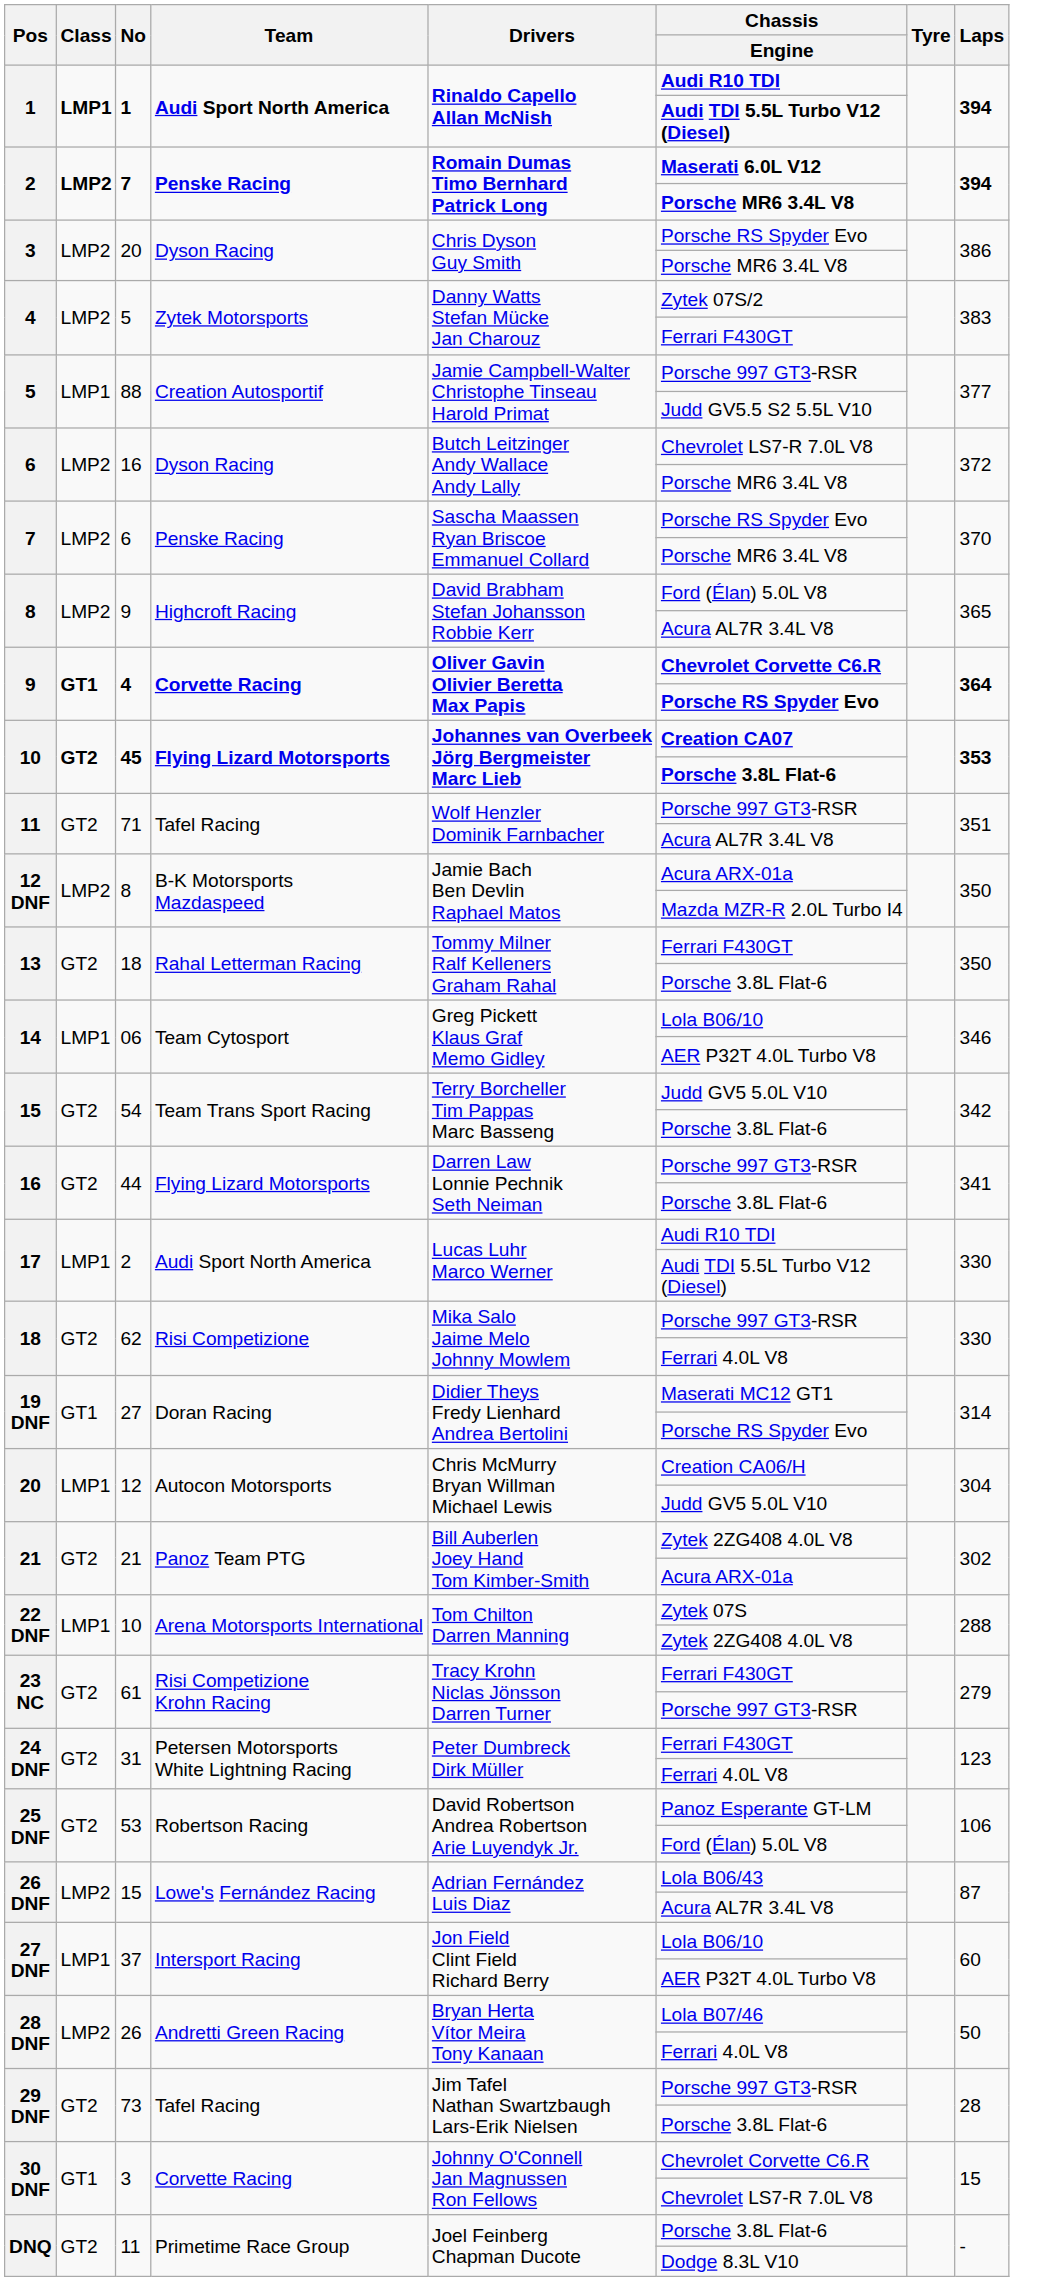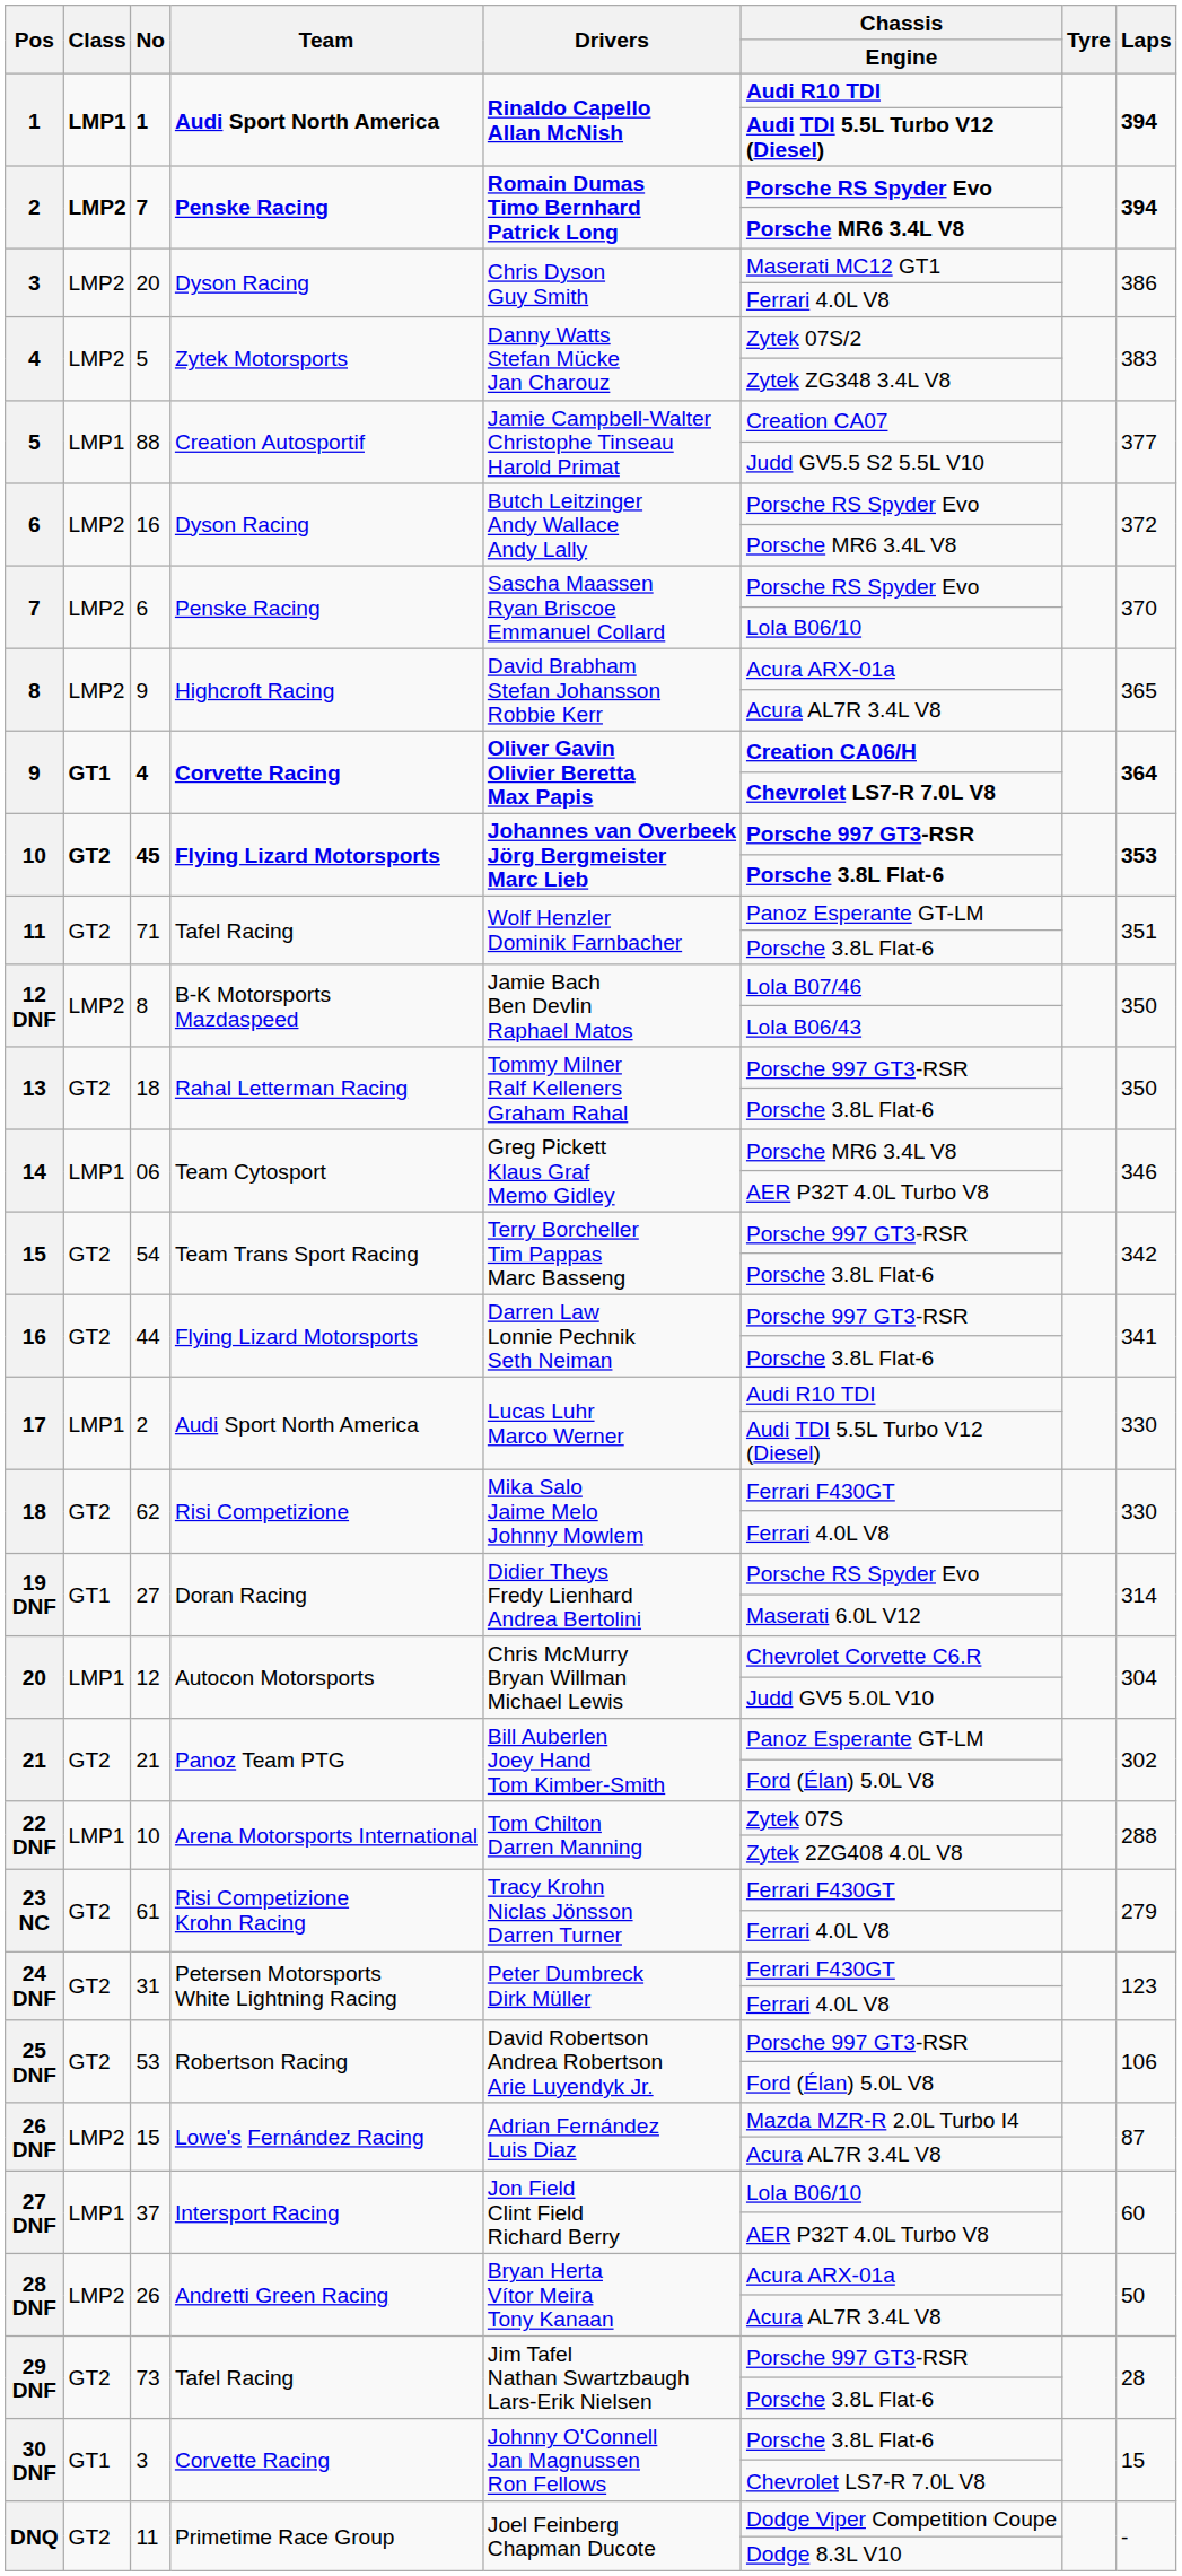 <table class="wikitable" style="font-size: 95%;">
 <tr>
 <th rowspan=2>Pos</th>
 <th rowspan=2>Class</th>
 <th rowspan=2>No</th>
 <th rowspan=2>Team</th>
 <th rowspan=2>Drivers</th>
 <th>Chassis</th>
 <th rowspan=2>Tyre</th>
 <th rowspan=2>Laps</th>
 </tr>
 <tr>
 <th>Engine</th>
 </tr>
 <tr style="font-weight:bold">
 <th rowspan=2>1</th>
 <td rowspan=2>LMP1</td>
 <td rowspan=2>1</td>
 <td rowspan=2> <a href='#'>Audi</a> Sport North America</td>
 <td rowspan=2> <a href='#'>Rinaldo Capello</a><br> <a href='#'>Allan McNish</a></td>
 <td><a href='#'>Audi R10 TDI</a></td>
 <td rowspan=2></td>
 <td rowspan=2>394</td>
 </tr>
 <tr style="font-weight:bold">
 <td><a href='#'>Audi</a> <a href='#'>TDI</a> 5.5L Turbo V12<br>(<a href='#'>Diesel</a>)</td>
 </tr>
 <tr style="font-weight:bold">
 <th rowspan=2>2</th>
 <td rowspan=2>LMP2</td>
 <td rowspan=2>7</td>
 <td rowspan=2> <a href='#'>Penske Racing</a></td>
 <td rowspan=2> <a href='#'>Romain Dumas</a><br> <a href='#'>Timo Bernhard</a><br> <a href='#'>Patrick Long</a></td>
-<td><a href='#'>Maserati</a> 6.0L V12</td>
+<td><a href='#'>Porsche RS Spyder</a> Evo</td>
 <td rowspan=2></td>
 <td rowspan=2>394</td>
 </tr>
 <tr style="font-weight:bold">
 <td><a href='#'>Porsche</a> MR6 3.4L V8</td>
 </tr>
 <tr>
 <th rowspan=2>3</th>
 <td rowspan=2>LMP2</td>
 <td rowspan=2>20</td>
 <td rowspan=2> <a href='#'>Dyson Racing</a></td>
 <td rowspan=2> <a href='#'>Chris Dyson</a><br> <a href='#'>Guy Smith</a></td>
-<td><a href='#'>Porsche RS Spyder</a> Evo</td>
+<td><a href='#'>Maserati MC12</a> GT1</td>
 <td rowspan=2></td>
 <td rowspan=2>386</td>
 </tr>
 <tr>
-<td><a href='#'>Porsche</a> MR6 3.4L V8</td>
+<td><a href='#'>Ferrari</a> 4.0L V8</td>
 </tr>
 <tr>
 <th rowspan=2>4</th>
 <td rowspan=2>LMP2</td>
 <td rowspan=2>5</td>
 <td rowspan=2> <a href='#'>Zytek Motorsports</a></td>
 <td rowspan=2> <a href='#'>Danny Watts</a><br> <a href='#'>Stefan Mücke</a><br> <a href='#'>Jan Charouz</a></td>
 <td><a href='#'>Zytek</a> 07S/2</td>
 <td rowspan=2></td>
 <td rowspan=2>383</td>
 </tr>
 <tr>
-<td><a href='#'>Ferrari F430GT</a></td>
+<td><a href='#'>Zytek</a> ZG348 3.4L V8</td>
 </tr>
 <tr>
 <th rowspan=2>5</th>
 <td rowspan=2>LMP1</td>
 <td rowspan=2>88</td>
 <td rowspan=2> <a href='#'>Creation Autosportif</a></td>
 <td rowspan=2> <a href='#'>Jamie Campbell-Walter</a><br> <a href='#'>Christophe Tinseau</a><br> <a href='#'>Harold Primat</a></td>
-<td><a href='#'>Porsche 997 GT3</a>-RSR</td>
+<td><a href='#'>Creation CA07</a></td>
 <td rowspan=2></td>
 <td rowspan=2>377</td>
 </tr>
 <tr>
 <td><a href='#'>Judd</a> GV5.5 S2 5.5L V10</td>
 </tr>
 <tr>
 <th rowspan=2>6</th>
 <td rowspan=2>LMP2</td>
 <td rowspan=2>16</td>
 <td rowspan=2> <a href='#'>Dyson Racing</a></td>
 <td rowspan=2> <a href='#'>Butch Leitzinger</a><br> <a href='#'>Andy Wallace</a><br> <a href='#'>Andy Lally</a></td>
-<td><a href='#'>Chevrolet</a> LS7-R 7.0L V8</td>
+<td><a href='#'>Porsche RS Spyder</a> Evo</td>
 <td rowspan=2></td>
 <td rowspan=2>372</td>
 </tr>
 <tr>
 <td><a href='#'>Porsche</a> MR6 3.4L V8</td>
 </tr>
 <tr>
 <th rowspan=2>7</th>
 <td rowspan=2>LMP2</td>
 <td rowspan=2>6</td>
 <td rowspan=2> <a href='#'>Penske Racing</a></td>
 <td rowspan=2> <a href='#'>Sascha Maassen</a><br> <a href='#'>Ryan Briscoe</a><br> <a href='#'>Emmanuel Collard</a></td>
 <td><a href='#'>Porsche RS Spyder</a> Evo</td>
 <td rowspan=2></td>
 <td rowspan=2>370</td>
 </tr>
 <tr>
-<td><a href='#'>Porsche</a> MR6 3.4L V8</td>
+<td><a href='#'>Lola B06/10</a></td>
 </tr>
 <tr>
 <th rowspan=2>8</th>
 <td rowspan=2>LMP2</td>
 <td rowspan=2>9</td>
 <td rowspan=2> <a href='#'>Highcroft Racing</a></td>
 <td rowspan=2> <a href='#'>David Brabham</a><br> <a href='#'>Stefan Johansson</a><br> <a href='#'>Robbie Kerr</a></td>
-<td><a href='#'>Ford</a> (<a href='#'>Élan</a>) 5.0L V8</td>
+<td><a href='#'>Acura ARX-01a</a></td>
 <td rowspan=2></td>
 <td rowspan=2>365</td>
 </tr>
 <tr>
 <td><a href='#'>Acura</a> AL7R 3.4L V8</td>
 </tr>
 <tr style="font-weight:bold">
 <th rowspan=2>9</th>
 <td rowspan=2>GT1</td>
 <td rowspan=2>4</td>
 <td rowspan=2> <a href='#'>Corvette Racing</a></td>
 <td rowspan=2> <a href='#'>Oliver Gavin</a><br> <a href='#'>Olivier Beretta</a><br> <a href='#'>Max Papis</a></td>
-<td><a href='#'>Chevrolet Corvette C6.R</a></td>
+<td><a href='#'>Creation CA06/H</a></td>
 <td rowspan=2></td>
 <td rowspan=2>364</td>
 </tr>
 <tr style="font-weight:bold">
-<td><a href='#'>Porsche RS Spyder</a> Evo</td>
+<td><a href='#'>Chevrolet</a> LS7-R 7.0L V8</td>
 </tr>
 <tr style="font-weight:bold">
 <th rowspan=2>10</th>
 <td rowspan=2>GT2</td>
 <td rowspan=2>45</td>
 <td rowspan=2> <a href='#'>Flying Lizard Motorsports</a></td>
 <td rowspan=2> <a href='#'>Johannes van Overbeek</a><br> <a href='#'>Jörg Bergmeister</a><br> <a href='#'>Marc Lieb</a></td>
-<td><a href='#'>Creation CA07</a></td>
+<td><a href='#'>Porsche 997 GT3</a>-RSR</td>
 <td rowspan=2></td>
 <td rowspan=2>353</td>
 </tr>
 <tr style="font-weight:bold">
 <td><a href='#'>Porsche</a> 3.8L Flat-6</td>
 </tr>
 <tr>
 <th rowspan=2>11</th>
 <td rowspan=2>GT2</td>
 <td rowspan=2>71</td>
 <td rowspan=2> Tafel Racing</td>
 <td rowspan=2> <a href='#'>Wolf Henzler</a><br> <a href='#'>Dominik Farnbacher</a></td>
-<td><a href='#'>Porsche 997 GT3</a>-RSR</td>
+<td><a href='#'>Panoz Esperante</a> GT-LM</td>
 <td rowspan=2></td>
 <td rowspan=2>351</td>
 </tr>
 <tr>
-<td><a href='#'>Acura</a> AL7R 3.4L V8</td>
+<td><a href='#'>Porsche</a> 3.8L Flat-6</td>
 </tr>
 <tr>
 <th rowspan=2>12<br>DNF</th>
 <td rowspan=2>LMP2</td>
 <td rowspan=2>8</td>
 <td rowspan=2> B-K Motorsports<br> <a href='#'>Mazdaspeed</a></td>
 <td rowspan=2> Jamie Bach<br> Ben Devlin<br> <a href='#'>Raphael Matos</a></td>
-<td><a href='#'>Acura ARX-01a</a></td>
+<td><a href='#'>Lola B07/46</a></td>
 <td rowspan=2></td>
 <td rowspan=2>350</td>
 </tr>
 <tr>
-<td><a href='#'>Mazda MZR-R</a> 2.0L Turbo I4</td>
+<td><a href='#'>Lola B06/43</a></td>
 </tr>
 <tr>
 <th rowspan=2>13</th>
 <td rowspan=2>GT2</td>
 <td rowspan=2>18</td>
 <td rowspan=2> <a href='#'>Rahal Letterman Racing</a></td>
 <td rowspan=2> <a href='#'>Tommy Milner</a><br> <a href='#'>Ralf Kelleners</a><br> <a href='#'>Graham Rahal</a></td>
-<td><a href='#'>Ferrari F430GT</a></td>
+<td><a href='#'>Porsche 997 GT3</a>-RSR</td>
 <td rowspan=2></td>
 <td rowspan=2>350</td>
 </tr>
 <tr>
 <td><a href='#'>Porsche</a> 3.8L Flat-6</td>
 </tr>
 <tr>
 <th rowspan=2>14</th>
 <td rowspan=2>LMP1</td>
 <td rowspan=2>06</td>
 <td rowspan=2> Team Cytosport</td>
 <td rowspan=2> Greg Pickett<br> <a href='#'>Klaus Graf</a><br> <a href='#'>Memo Gidley</a></td>
-<td><a href='#'>Lola B06/10</a></td>
+<td><a href='#'>Porsche</a> MR6 3.4L V8</td>
 <td rowspan=2></td>
 <td rowspan=2>346</td>
 </tr>
 <tr>
 <td><a href='#'>AER</a> P32T 4.0L Turbo V8</td>
 </tr>
 <tr>
 <th rowspan=2>15</th>
 <td rowspan=2>GT2</td>
 <td rowspan=2>54</td>
 <td rowspan=2> Team Trans Sport Racing</td>
 <td rowspan=2> <a href='#'>Terry Borcheller</a><br> <a href='#'>Tim Pappas</a><br> Marc Basseng</td>
-<td><a href='#'>Judd</a> GV5 5.0L V10</td>
+<td><a href='#'>Porsche 997 GT3</a>-RSR</td>
 <td rowspan=2></td>
 <td rowspan=2>342</td>
 </tr>
 <tr>
 <td><a href='#'>Porsche</a> 3.8L Flat-6</td>
 </tr>
 <tr>
 <th rowspan=2>16</th>
 <td rowspan=2>GT2</td>
 <td rowspan=2>44</td>
 <td rowspan=2> <a href='#'>Flying Lizard Motorsports</a></td>
 <td rowspan=2> <a href='#'>Darren Law</a><br> Lonnie Pechnik<br> <a href='#'>Seth Neiman</a></td>
 <td><a href='#'>Porsche 997 GT3</a>-RSR</td>
 <td rowspan=2></td>
 <td rowspan=2>341</td>
 </tr>
 <tr>
 <td><a href='#'>Porsche</a> 3.8L Flat-6</td>
 </tr>
 <tr>
 <th rowspan=2>17</th>
 <td rowspan=2>LMP1</td>
 <td rowspan=2>2</td>
 <td rowspan=2> <a href='#'>Audi</a> Sport North America</td>
 <td rowspan=2> <a href='#'>Lucas Luhr</a><br> <a href='#'>Marco Werner</a></td>
 <td><a href='#'>Audi R10 TDI</a></td>
 <td rowspan=2></td>
 <td rowspan=2>330</td>
 </tr>
 <tr>
 <td><a href='#'>Audi</a> <a href='#'>TDI</a> 5.5L Turbo V12<br>(<a href='#'>Diesel</a>)</td>
 </tr>
 <tr>
 <th rowspan=2>18</th>
 <td rowspan=2>GT2</td>
 <td rowspan=2>62</td>
 <td rowspan=2> <a href='#'>Risi Competizione</a></td>
 <td rowspan=2> <a href='#'>Mika Salo</a><br> <a href='#'>Jaime Melo</a><br> <a href='#'>Johnny Mowlem</a></td>
-<td><a href='#'>Porsche 997 GT3</a>-RSR</td>
+<td><a href='#'>Ferrari F430GT</a></td>
 <td rowspan=2></td>
 <td rowspan=2>330</td>
 </tr>
 <tr>
 <td><a href='#'>Ferrari</a> 4.0L V8</td>
 </tr>
 <tr>
 <th rowspan=2>19<br>DNF</th>
 <td rowspan=2>GT1</td>
 <td rowspan=2>27</td>
 <td rowspan=2> Doran Racing</td>
 <td rowspan=2> <a href='#'>Didier Theys</a><br> Fredy Lienhard<br> <a href='#'>Andrea Bertolini</a></td>
-<td><a href='#'>Maserati MC12</a> GT1</td>
+<td><a href='#'>Porsche RS Spyder</a> Evo</td>
 <td rowspan=2></td>
 <td rowspan=2>314</td>
 </tr>
 <tr>
-<td><a href='#'>Porsche RS Spyder</a> Evo</td>
+<td><a href='#'>Maserati</a> 6.0L V12</td>
 </tr>
 <tr>
 <th rowspan=2>20</th>
 <td rowspan=2>LMP1</td>
 <td rowspan=2>12</td>
 <td rowspan=2> Autocon Motorsports</td>
 <td rowspan=2> Chris McMurry<br> Bryan Willman<br> Michael Lewis</td>
-<td><a href='#'>Creation CA06/H</a></td>
+<td><a href='#'>Chevrolet Corvette C6.R</a></td>
 <td rowspan=2></td>
 <td rowspan=2>304</td>
 </tr>
 <tr>
 <td><a href='#'>Judd</a> GV5 5.0L V10</td>
 </tr>
 <tr>
 <th rowspan=2>21</th>
 <td rowspan=2>GT2</td>
 <td rowspan=2>21</td>
 <td rowspan=2> <a href='#'>Panoz</a> Team PTG</td>
 <td rowspan=2> <a href='#'>Bill Auberlen</a><br> <a href='#'>Joey Hand</a><br> <a href='#'>Tom Kimber-Smith</a></td>
-<td><a href='#'>Zytek</a> 2ZG408 4.0L V8</td>
+<td><a href='#'>Panoz Esperante</a> GT-LM</td>
 <td rowspan=2></td>
 <td rowspan=2>302</td>
 </tr>
 <tr>
-<td><a href='#'>Acura ARX-01a</a></td>
+<td><a href='#'>Ford</a> (<a href='#'>Élan</a>) 5.0L V8</td>
 </tr>
 <tr>
 <th rowspan=2>22<br>DNF</th>
 <td rowspan=2>LMP1</td>
 <td rowspan=2>10</td>
 <td rowspan=2> <a href='#'>Arena Motorsports International</a></td>
 <td rowspan=2> <a href='#'>Tom Chilton</a><br> <a href='#'>Darren Manning</a></td>
 <td><a href='#'>Zytek</a> 07S</td>
 <td rowspan=2></td>
 <td rowspan=2>288</td>
 </tr>
 <tr>
 <td><a href='#'>Zytek</a> 2ZG408 4.0L V8</td>
 </tr>
 <tr>
 <th rowspan=2>23<br>NC</th>
 <td rowspan=2>GT2</td>
 <td rowspan=2>61</td>
 <td rowspan=2> <a href='#'>Risi Competizione</a><br> <a href='#'>Krohn Racing</a></td>
 <td rowspan=2> <a href='#'>Tracy Krohn</a><br> <a href='#'>Niclas Jönsson</a><br> <a href='#'>Darren Turner</a></td>
 <td><a href='#'>Ferrari F430GT</a></td>
 <td rowspan=2></td>
 <td rowspan=2>279</td>
 </tr>
 <tr>
-<td><a href='#'>Porsche 997 GT3</a>-RSR</td>
+<td><a href='#'>Ferrari</a> 4.0L V8</td>
 </tr>
 <tr>
 <th rowspan=2>24<br>DNF</th>
 <td rowspan=2>GT2</td>
 <td rowspan=2>31</td>
 <td rowspan=2> Petersen Motorsports<br> White Lightning Racing</td>
 <td rowspan=2> <a href='#'>Peter Dumbreck</a><br> <a href='#'>Dirk Müller</a></td>
 <td><a href='#'>Ferrari F430GT</a></td>
 <td rowspan=2></td>
 <td rowspan=2>123</td>
 </tr>
 <tr>
 <td><a href='#'>Ferrari</a> 4.0L V8</td>
 </tr>
 <tr>
 <th rowspan=2>25<br>DNF</th>
 <td rowspan=2>GT2</td>
 <td rowspan=2>53</td>
 <td rowspan=2> Robertson Racing</td>
 <td rowspan=2> David Robertson<br> Andrea Robertson<br> <a href='#'>Arie Luyendyk Jr.</a></td>
-<td><a href='#'>Panoz Esperante</a> GT-LM</td>
+<td><a href='#'>Porsche 997 GT3</a>-RSR</td>
 <td rowspan=2></td>
 <td rowspan=2>106</td>
 </tr>
 <tr>
 <td><a href='#'>Ford</a> (<a href='#'>Élan</a>) 5.0L V8</td>
 </tr>
 <tr>
 <th rowspan=2>26<br>DNF</th>
 <td rowspan=2>LMP2</td>
 <td rowspan=2>15</td>
 <td rowspan=2> <a href='#'>Lowe's</a> <a href='#'>Fernández Racing</a></td>
 <td rowspan=2> <a href='#'>Adrian Fernández</a><br> <a href='#'>Luis Diaz</a></td>
-<td><a href='#'>Lola B06/43</a></td>
+<td><a href='#'>Mazda MZR-R</a> 2.0L Turbo I4</td>
 <td rowspan=2></td>
 <td rowspan=2>87</td>
 </tr>
 <tr>
 <td><a href='#'>Acura</a> AL7R 3.4L V8</td>
 </tr>
 <tr>
 <th rowspan=2>27<br>DNF</th>
 <td rowspan=2>LMP1</td>
 <td rowspan=2>37</td>
 <td rowspan=2> <a href='#'>Intersport Racing</a></td>
 <td rowspan=2> <a href='#'>Jon Field</a><br> Clint Field<br> Richard Berry</td>
 <td><a href='#'>Lola B06/10</a></td>
 <td rowspan=2></td>
 <td rowspan=2>60</td>
 </tr>
 <tr>
 <td><a href='#'>AER</a> P32T 4.0L Turbo V8</td>
 </tr>
 <tr>
 <th rowspan=2>28<br>DNF</th>
 <td rowspan=2>LMP2</td>
 <td rowspan=2>26</td>
 <td rowspan=2> <a href='#'>Andretti Green Racing</a></td>
 <td rowspan=2> <a href='#'>Bryan Herta</a><br> <a href='#'>Vítor Meira</a><br> <a href='#'>Tony Kanaan</a></td>
-<td><a href='#'>Lola B07/46</a></td>
+<td><a href='#'>Acura ARX-01a</a></td>
 <td rowspan=2></td>
 <td rowspan=2>50</td>
 </tr>
 <tr>
-<td><a href='#'>Ferrari</a> 4.0L V8</td>
+<td><a href='#'>Acura</a> AL7R 3.4L V8</td>
 </tr>
 <tr>
 <th rowspan=2>29<br>DNF</th>
 <td rowspan=2>GT2</td>
 <td rowspan=2>73</td>
 <td rowspan=2> Tafel Racing</td>
 <td rowspan=2> Jim Tafel<br> Nathan Swartzbaugh<br> Lars-Erik Nielsen</td>
 <td><a href='#'>Porsche 997 GT3</a>-RSR</td>
 <td rowspan=2></td>
 <td rowspan=2>28</td>
 </tr>
 <tr>
 <td><a href='#'>Porsche</a> 3.8L Flat-6</td>
 </tr>
 <tr>
 <th rowspan=2>30<br>DNF</th>
 <td rowspan=2>GT1</td>
 <td rowspan=2>3</td>
 <td rowspan=2> <a href='#'>Corvette Racing</a></td>
 <td rowspan=2> <a href='#'>Johnny O'Connell</a><br> <a href='#'>Jan Magnussen</a><br> <a href='#'>Ron Fellows</a></td>
-<td><a href='#'>Chevrolet Corvette C6.R</a></td>
+<td><a href='#'>Porsche</a> 3.8L Flat-6</td>
 <td rowspan=2></td>
 <td rowspan=2>15</td>
 </tr>
 <tr>
 <td><a href='#'>Chevrolet</a> LS7-R 7.0L V8</td>
 </tr>
 <tr>
 <th rowspan=2>DNQ</th>
 <td rowspan=2>GT2</td>
 <td rowspan=2>11</td>
 <td rowspan=2> Primetime Race Group</td>
 <td rowspan=2> Joel Feinberg<br> Chapman Ducote</td>
-<td><a href='#'>Porsche</a> 3.8L Flat-6</td>
+<td><a href='#'>Dodge Viper</a> Competition Coupe</td>
 <td rowspan=2></td>
 <td rowspan=2>-</td>
 </tr>
 <tr>
 <td><a href='#'>Dodge</a> 8.3L V10</td>
 </tr>
 </table>
